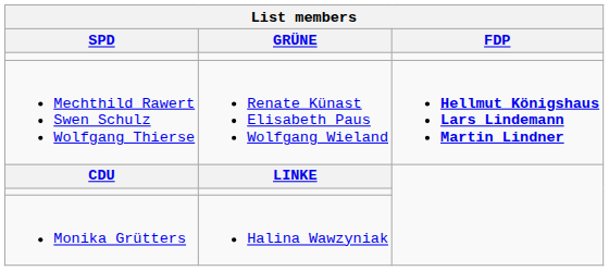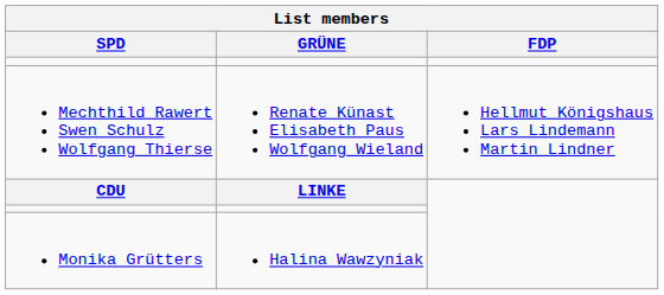 <table class=wikitable>
 <tr>
 <th colspan=4>List members</th>
 </tr>
 <tr>
 <th><a href='#'>SPD</a></th>
 <th><a href='#'>GRÜNE</a></th>
 <th><a href='#'>FDP</a></th>
 </tr>
 <tr>
 <td bgcolor=></td>
 <td bgcolor=></td>
 <td bgcolor=></td>
 </tr>
 <tr>
 <td><br><ul><li><a href='#'>Mechthild Rawert</a></li><li><a href='#'>Swen Schulz</a></li><li><a href='#'>Wolfgang Thierse</a></li></ul></td>
 <td><br><ul><li><a href='#'>Renate Künast</a></li><li><a href='#'>Elisabeth Paus</a></li><li><a href='#'>Wolfgang Wieland</a></li></ul></td>
-<td><strong><br><ul><li><a href='#'>Hellmut Königshaus</a></li><li><a href='#'>Lars Lindemann</a></li><li><a href='#'>Martin Lindner</a></li></ul></strong></td>
+<td><br><ul><li><a href='#'>Hellmut Königshaus</a></li><li><a href='#'>Lars Lindemann</a></li><li><a href='#'>Martin Lindner</a></li></ul></td>
 </tr>
 <tr>
 <th><a href='#'>CDU</a></th>
 <th><a href='#'>LINKE</a></th>
 </tr>
 <tr>
 <td bgcolor=></td>
 <td bgcolor=></td>
 </tr>
 <tr>
 <td><br><ul><li><a href='#'>Monika Grütters</a></li></ul></td>
 <td><br><ul><li><a href='#'>Halina Wawzyniak</a></li></ul></td>
 </tr>
 </table>
